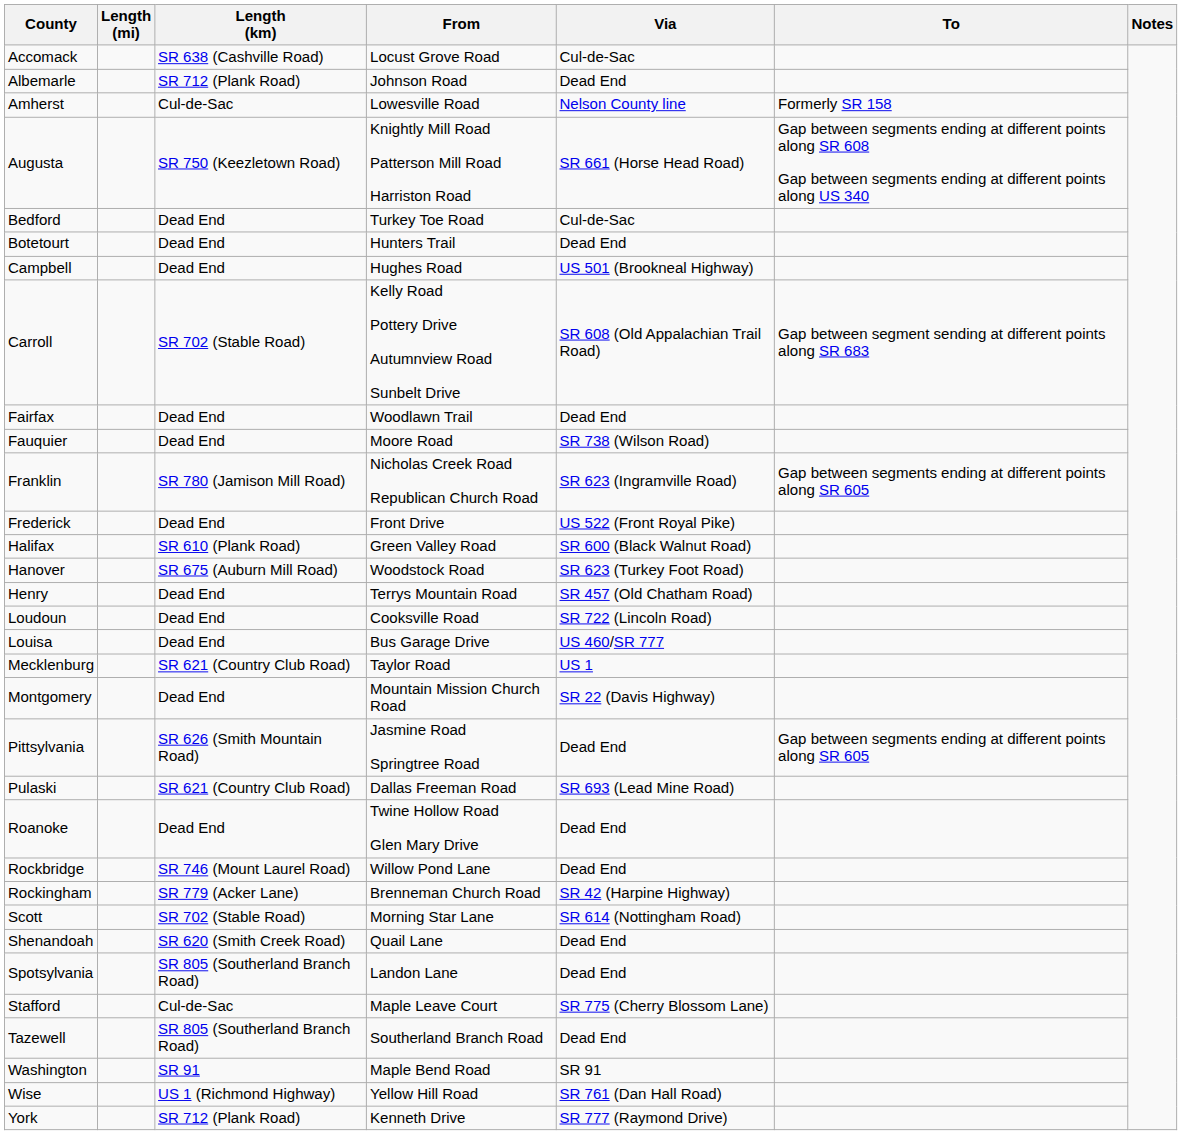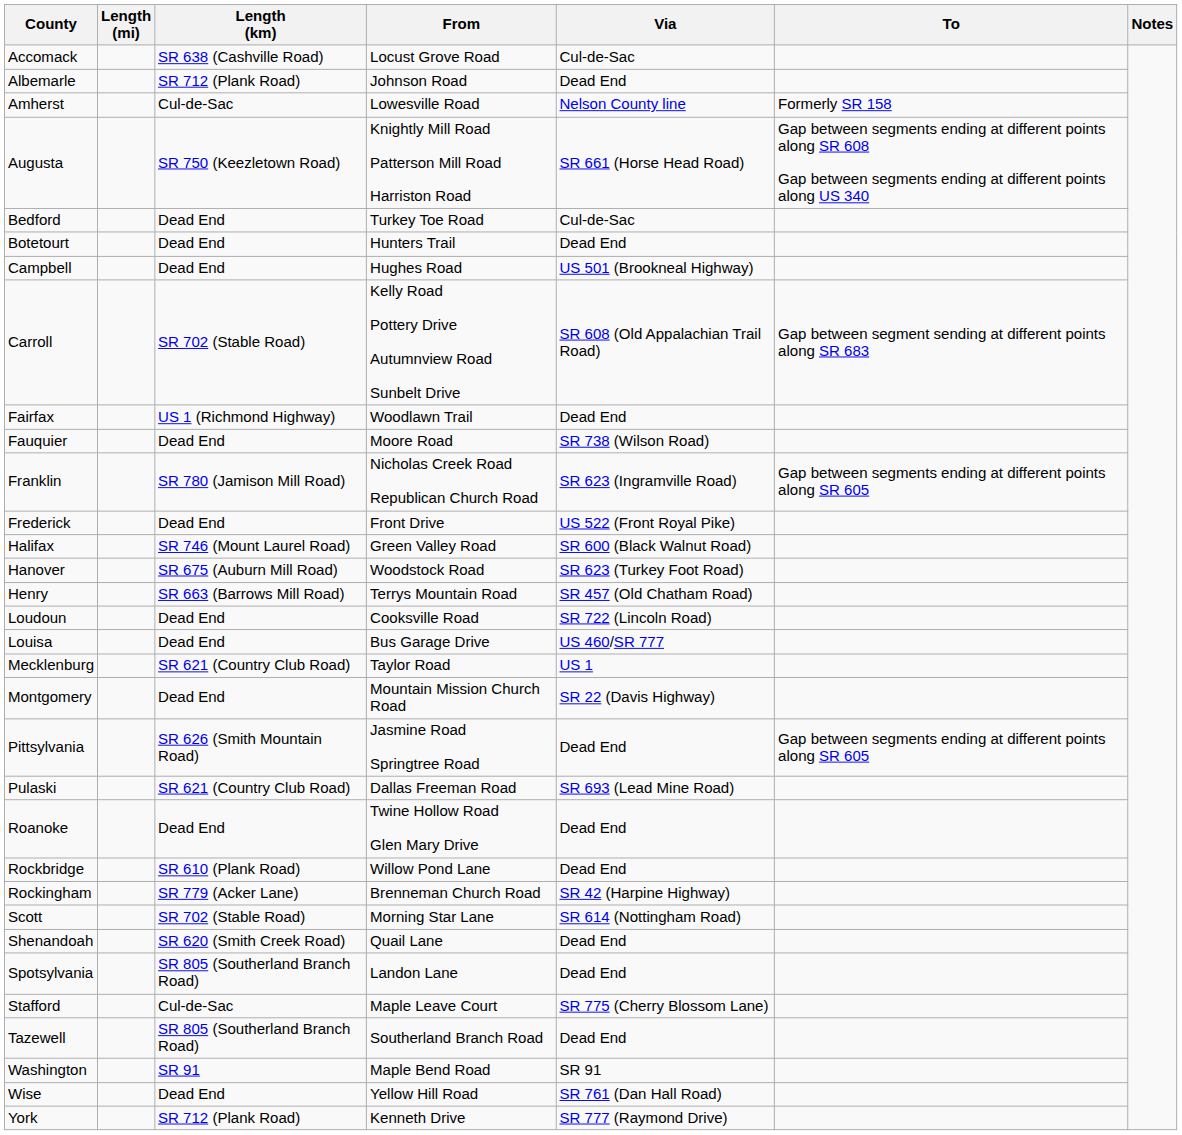 <table class="wikitable sortable">
 <tr>
 <th>County</th>
 <th>Length<br>(mi)</th>
 <th>Length<br>(km)</th>
 <th class="unsortable">From</th>
 <th class="unsortable">Via</th>
 <th class="unsortable">To</th>
 <th class="unsortable">Notes</th>
 </tr>
 <tr>
 <td id="Accomack">Accomack</td>
 <td></td>
 <td><a href='#'>SR 638</a> (Cashville Road)</td>
 <td>Locust Grove Road</td>
 <td>Cul-de-Sac</td>
 <td></td>
 </tr>
 <tr>
 <td id="Albemarle">Albemarle</td>
 <td></td>
 <td><a href='#'>SR 712</a> (Plank Road)</td>
 <td>Johnson Road</td>
 <td>Dead End</td>
 <td><br> </td>
 </tr>
 <tr>
 <td id="Amherst">Amherst</td>
 <td></td>
 <td>Cul-de-Sac</td>
 <td>Lowesville Road</td>
 <td><a href='#'>Nelson County line</a></td>
 <td>Formerly <a href='#'>SR 158</a><br> </td>
 </tr>
 <tr>
 <td id="Augusta">Augusta</td>
 <td></td>
 <td><a href='#'>SR 750</a> (Keezletown Road)</td>
 <td>Knightly Mill Road<br><br>Patterson Mill Road<br><br>Harriston Road</td>
 <td><a href='#'>SR 661</a> (Horse Head Road)</td>
 <td>Gap between segments ending at different points along <a href='#'>SR 608</a><br><br>Gap between segments ending at different points along <a href='#'>US 340</a><br></td>
 </tr>
 <tr>
 <td id="Bedford">Bedford</td>
 <td></td>
 <td>Dead End</td>
 <td>Turkey Toe Road</td>
 <td>Cul-de-Sac</td>
 <td><br></td>
 </tr>
 <tr>
 <td id="Botetourt">Botetourt</td>
 <td></td>
 <td>Dead End</td>
 <td>Hunters Trail</td>
 <td>Dead End</td>
 <td><br>  </td>
 </tr>
 <tr>
 <td id="Campbell">Campbell</td>
 <td></td>
 <td>Dead End</td>
 <td>Hughes Road</td>
 <td><a href='#'>US 501</a> (Brookneal Highway)</td>
 <td><br></td>
 </tr>
 <tr>
 <td id="Carroll">Carroll</td>
 <td></td>
 <td><a href='#'>SR 702</a> (Stable Road)</td>
 <td>Kelly Road<br><br>Pottery Drive<br><br>Autumnview Road<br><br>Sunbelt Drive</td>
 <td><a href='#'>SR 608</a> (Old Appalachian Trail Road)</td>
 <td>Gap between segment sending at different points along <a href='#'>SR 683</a><br>         </td>
 </tr>
 <tr>
 <td id="Fairfax">Fairfax</td>
 <td></td>
-<td>Dead End</td>
+<td><a href='#'>US 1</a> (Richmond Highway)</td>
 <td>Woodlawn Trail</td>
 <td>Dead End</td>
 <td></td>
 </tr>
 <tr>
 <td id="Fauquier">Fauquier</td>
 <td></td>
 <td>Dead End</td>
 <td>Moore Road</td>
 <td><a href='#'>SR 738</a> (Wilson Road)</td>
 <td><br> </td>
 </tr>
 <tr>
 <td id="Franklin">Franklin</td>
 <td></td>
 <td><a href='#'>SR 780</a> (Jamison Mill Road)</td>
 <td>Nicholas Creek Road<br><br>Republican Church Road</td>
 <td><a href='#'>SR 623</a> (Ingramville Road)</td>
 <td>Gap between segments ending at different points along <a href='#'>SR 605</a></td>
 </tr>
 <tr>
 <td id="Frederick">Frederick</td>
 <td></td>
 <td>Dead End</td>
 <td>Front Drive</td>
 <td><a href='#'>US 522</a> (Front Royal Pike)</td>
 <td><br>     </td>
 </tr>
 <tr>
 <td id="Halifax">Halifax</td>
 <td></td>
-<td><a href='#'>SR 610</a> (Plank Road)</td>
+<td><a href='#'>SR 746</a> (Mount Laurel Road)</td>
 <td>Green Valley Road</td>
 <td><a href='#'>SR 600</a> (Black Walnut Road)</td>
 <td></td>
 </tr>
 <tr>
 <td id="Hanover">Hanover</td>
 <td></td>
 <td><a href='#'>SR 675</a> (Auburn Mill Road)</td>
 <td>Woodstock Road</td>
 <td><a href='#'>SR 623</a> (Turkey Foot Road)</td>
 <td><br></td>
 </tr>
 <tr>
 <td id="Henry">Henry</td>
 <td></td>
-<td>Dead End</td>
+<td><a href='#'>SR 663</a> (Barrows Mill Road)</td>
 <td>Terrys Mountain Road</td>
 <td><a href='#'>SR 457</a> (Old Chatham Road)</td>
 <td><br>       </td>
 </tr>
 <tr>
 <td id="Loudoun">Loudoun</td>
 <td></td>
 <td>Dead End</td>
 <td>Cooksville Road</td>
 <td><a href='#'>SR 722</a> (Lincoln Road)</td>
 <td></td>
 </tr>
 <tr>
 <td id="Louisa">Louisa</td>
 <td></td>
 <td>Dead End</td>
 <td>Bus Garage Drive</td>
 <td><a href='#'>US 460</a>/<a href='#'>SR 777</a></td>
 <td><br>  </td>
 </tr>
 <tr>
 <td id="Mecklenburg">Mecklenburg</td>
 <td></td>
 <td><a href='#'>SR 621</a> (Country Club Road)</td>
 <td>Taylor Road</td>
 <td><a href='#'>US 1</a></td>
 <td><br></td>
 </tr>
 <tr>
 <td id="Montgomery">Montgomery</td>
 <td></td>
 <td>Dead End</td>
 <td>Mountain Mission Church Road</td>
 <td><a href='#'>SR 22</a> (Davis Highway)</td>
 <td><br>       </td>
 </tr>
 <tr>
 <td id="Pittsylvania">Pittsylvania</td>
 <td></td>
 <td><a href='#'>SR 626</a> (Smith Mountain Road)</td>
 <td>Jasmine Road<br><br>Springtree Road</td>
 <td>Dead End</td>
 <td>Gap between segments ending at different points along <a href='#'>SR 605</a><br>   </td>
 </tr>
 <tr>
 <td id="Pulaski">Pulaski</td>
 <td></td>
 <td><a href='#'>SR 621</a> (Country Club Road)</td>
 <td>Dallas Freeman Road</td>
 <td><a href='#'>SR 693</a> (Lead Mine Road)</td>
 <td><br> </td>
 </tr>
 <tr>
 <td id="Roanoke">Roanoke</td>
 <td></td>
 <td>Dead End</td>
 <td>Twine Hollow Road<br><br>Glen Mary Drive</td>
 <td>Dead End</td>
 <td></td>
 </tr>
 <tr>
 <td id="Rockbridge">Rockbridge</td>
 <td></td>
-<td><a href='#'>SR 746</a> (Mount Laurel Road)</td>
+<td><a href='#'>SR 610</a> (Plank Road)</td>
 <td>Willow Pond Lane</td>
 <td>Dead End</td>
 <td></td>
 </tr>
 <tr>
 <td id="Rockingham">Rockingham</td>
 <td></td>
 <td><a href='#'>SR 779</a> (Acker Lane)</td>
 <td>Brenneman Church Road</td>
 <td><a href='#'>SR 42</a> (Harpine Highway)</td>
 <td><br></td>
 </tr>
 <tr>
 <td id="Scott">Scott</td>
 <td></td>
 <td><a href='#'>SR 702</a> (Stable Road)</td>
 <td>Morning Star Lane</td>
 <td><a href='#'>SR 614</a> (Nottingham Road)</td>
 <td></td>
 </tr>
 <tr>
 <td id="Shenandoah">Shenandoah</td>
 <td></td>
 <td><a href='#'>SR 620</a> (Smith Creek Road)</td>
 <td>Quail Lane</td>
 <td>Dead End</td>
 <td><br> </td>
 </tr>
 <tr>
 <td id="Spotsylvania">Spotsylvania</td>
 <td></td>
 <td><a href='#'>SR 805</a> (Southerland Branch Road)</td>
 <td>Landon Lane</td>
 <td>Dead End</td>
 <td></td>
 </tr>
 <tr>
 <td id="Stafford">Stafford</td>
 <td></td>
 <td>Cul-de-Sac</td>
 <td>Maple Leave Court</td>
 <td><a href='#'>SR 775</a> (Cherry Blossom Lane)</td>
 <td><br> </td>
 </tr>
 <tr>
 <td id="Tazewell">Tazewell</td>
 <td></td>
 <td><a href='#'>SR 805</a> (Southerland Branch Road)</td>
 <td>Southerland Branch Road</td>
 <td>Dead End</td>
 <td><br></td>
 </tr>
 <tr>
 <td id="Washington">Washington</td>
 <td></td>
 <td><a href='#'>SR 91</a></td>
 <td>Maple Bend Road</td>
 <td>SR 91</td>
 <td><br></td>
 </tr>
 <tr>
 <td id="Wise">Wise</td>
 <td></td>
-<td><a href='#'>US 1</a> (Richmond Highway)</td>
+<td>Dead End</td>
 <td>Yellow Hill Road</td>
 <td><a href='#'>SR 761</a> (Dan Hall Road)</td>
 <td><br></td>
 </tr>
 <tr>
 <td id="York">York</td>
 <td></td>
 <td><a href='#'>SR 712</a> (Plank Road)</td>
 <td>Kenneth Drive</td>
 <td><a href='#'>SR 777</a> (Raymond Drive)</td>
 <td></td>
 </tr>
 </table>
